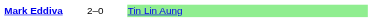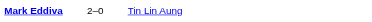 <table>
 <tr>
 <th width=400></th>
 <th width=100></th>
 <th width=400></th>
 </tr>
 <tr>
 <td align=right><strong><a href='#'>Mark Eddiva</a> </strong></td>
 <td align=center>2–0</td>
-<td style="background: lightgreen;"> <a href='#'>Tin Lin Aung</a></td>
+<td> <a href='#'>Tin Lin Aung</a></td>
 </tr>
 </table>
